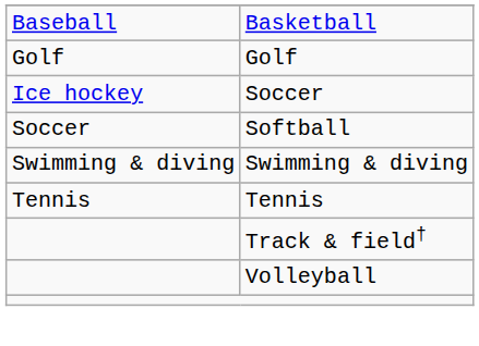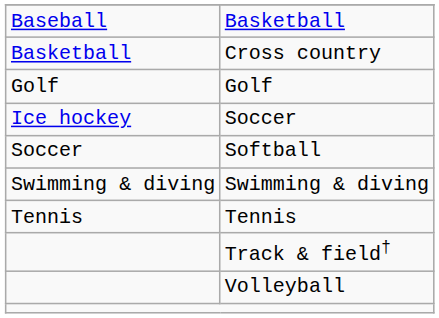 <table class="wikitable" style="float:right; clear:right; margin:0 0 1em 1em;">
 <tr>
 </tr>
 <tr>
 <td><a href='#'>Baseball</a></td>
 <td><a href='#'>Basketball</a></td>
+</tr>
+<tr>
+<td><a href='#'>Basketball</a></td>
+<td>Cross country</td>
 </tr>
 <tr>
 <td>Golf</td>
 <td>Golf</td>
 </tr>
 <tr>
 <td><a href='#'>Ice hockey</a></td>
 <td>Soccer</td>
 </tr>
 <tr>
 <td>Soccer</td>
 <td>Softball</td>
 </tr>
 <tr>
 <td>Swimming & diving</td>
 <td>Swimming & diving</td>
 </tr>
 <tr>
 <td>Tennis</td>
 <td>Tennis</td>
 </tr>
 <tr>
 <td></td>
 <td>Track & field<sup>†</sup></td>
 </tr>
 <tr>
 <td></td>
 <td>Volleyball</td>
 </tr>
 <tr>
 <td colspan="2"></td>
 </tr>
 </table>
